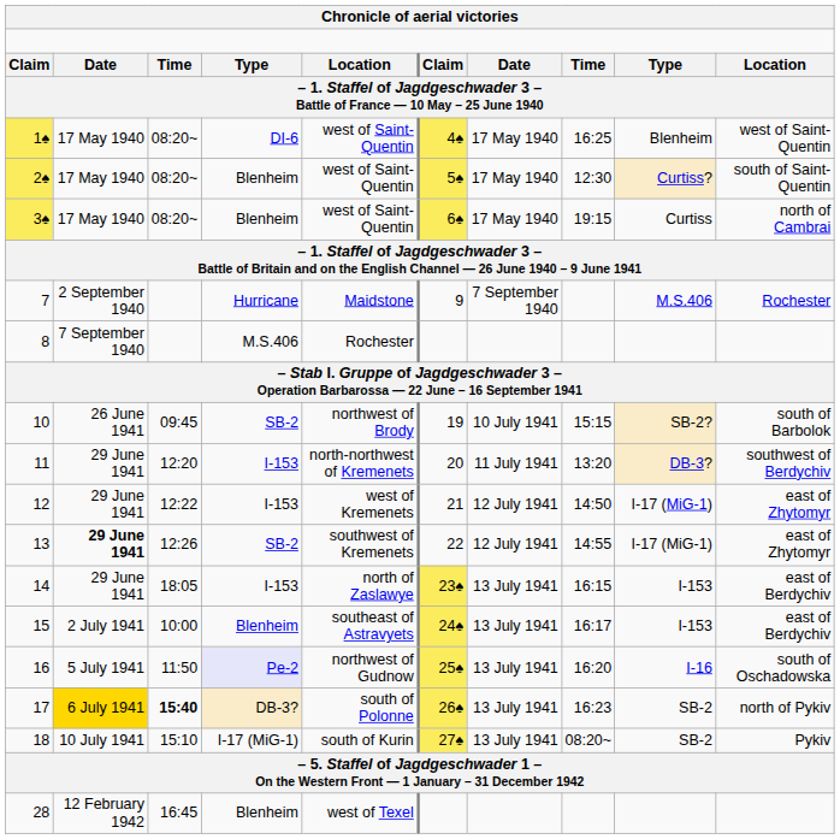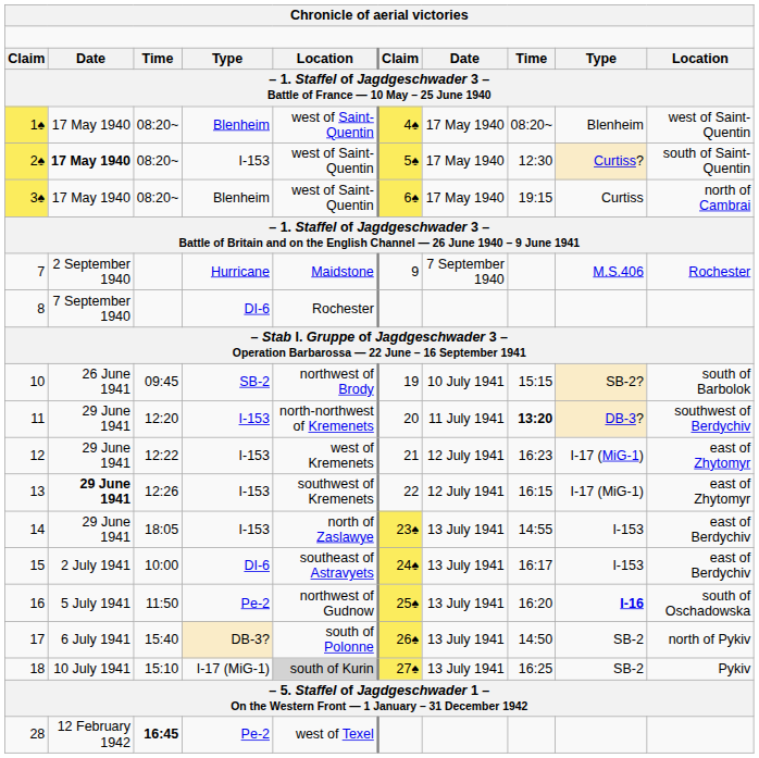 <table class="wikitable plainrowheaders collapsible" style="margin-left: auto; margin-right: auto; border: none; text-align:right; width: 100%;">
 <tr>
 <th colspan="10">Chronicle of aerial victories</th>
 </tr>
 <tr>
 <td colspan="10" style="text-align: left;"><br> </td>
 </tr>
 <tr>
 <th scope="col">Claim</th>
 <th scope="col">Date</th>
 <th scope="col">Time</th>
 <th scope="col" width="100px">Type</th>
 <th scope="col">Location</th>
 <th scope="col" style="border-left: 3px solid grey;">Claim</th>
 <th scope="col">Date</th>
 <th scope="col">Time</th>
 <th scope="col" width="100px">Type</th>
 <th scope="col">Location</th>
 </tr>
 <tr>
 <th colspan="10">– 1. <em>Staffel</em> of <em>Jagdgeschwader</em> 3 –<br><small>Battle of France — 10 May – 25 June 1940</small></th>
 </tr>
 <tr>
 <td style="background:#fbec5d;">1♠</td>
 <td>17 May 1940</td>
 <td>08:20~</td>
-<td><a href='#'>DI-6</a></td>
+<td><a href='#'>Blenheim</a></td>
 <td>west of <a href='#'>Saint-Quentin</a></td>
 <td style="border-left: 3px solid grey; background:#fbec5d;">4♠</td>
 <td>17 May 1940</td>
-<td>16:25</td>
+<td>08:20~</td>
 <td>Blenheim</td>
 <td>west of Saint-Quentin</td>
 </tr>
 <tr>
 <td style="background:#fbec5d;">2♠</td>
-<td>17 May 1940</td>
+<td><strong>17 May 1940</strong></td>
 <td>08:20~</td>
-<td>Blenheim</td>
+<td>I-153</td>
 <td>west of Saint-Quentin</td>
 <td style="border-left: 3px solid grey; background:#fbec5d;">5♠</td>
 <td>17 May 1940</td>
 <td>12:30</td>
 <td style="background:#faecc8"><a href='#'>Curtiss</a>?</td>
 <td>south of Saint-Quentin</td>
 </tr>
 <tr>
 <td style="background:#fbec5d;">3♠</td>
 <td>17 May 1940</td>
 <td>08:20~</td>
 <td>Blenheim</td>
 <td>west of Saint-Quentin</td>
 <td style="border-left: 3px solid grey; background:#fbec5d;">6♠</td>
 <td>17 May 1940</td>
 <td>19:15</td>
 <td>Curtiss</td>
 <td>north of <a href='#'>Cambrai</a></td>
 </tr>
 <tr>
 <th colspan="10">– 1. <em>Staffel</em> of <em>Jagdgeschwader</em> 3 –<br><small>Battle of Britain and on the English Channel — 26 June 1940 – 9 June 1941</small></th>
 </tr>
 <tr>
 <td>7</td>
 <td>2 September 1940</td>
 <td></td>
 <td><a href='#'>Hurricane</a></td>
 <td><a href='#'>Maidstone</a></td>
 <td style="border-left: 3px solid grey;">9</td>
 <td>7 September 1940</td>
 <td></td>
 <td><a href='#'>M.S.406</a></td>
 <td><a href='#'>Rochester</a></td>
 </tr>
 <tr>
 <td>8</td>
 <td>7 September 1940</td>
 <td></td>
-<td>M.S.406</td>
+<td><a href='#'>DI-6</a></td>
 <td>Rochester</td>
 <td style="border-left: 3px solid grey;"></td>
 <td></td>
 <td></td>
 <td></td>
 <td></td>
 </tr>
 <tr>
 <th colspan="10">– <em>Stab</em> I. <em>Gruppe</em> of <em>Jagdgeschwader</em> 3 –<br><small>Operation Barbarossa — 22 June – 16 September 1941</small></th>
 </tr>
 <tr>
 <td>10</td>
 <td>26 June 1941</td>
 <td>09:45</td>
 <td><a href='#'>SB-2</a></td>
 <td>northwest of <a href='#'>Brody</a></td>
 <td style="border-left: 3px solid grey;">19</td>
 <td>10 July 1941</td>
 <td>15:15</td>
 <td style="background:#faecc8">SB-2?</td>
 <td> south of Barbolok</td>
 </tr>
 <tr>
 <td>11</td>
 <td>29 June 1941</td>
 <td>12:20</td>
 <td><a href='#'>I-153</a></td>
 <td>north-northwest of <a href='#'>Kremenets</a></td>
 <td style="border-left: 3px solid grey;">20</td>
 <td>11 July 1941</td>
-<td>13:20</td>
+<td><strong>13:20</strong></td>
 <td style="background:#faecc8"><a href='#'>DB-3</a>?</td>
 <td> southwest of <a href='#'>Berdychiv</a></td>
 </tr>
 <tr>
 <td>12</td>
 <td>29 June 1941</td>
 <td>12:22</td>
 <td>I-153</td>
 <td>west of Kremenets</td>
 <td style="border-left: 3px solid grey;">21</td>
 <td>12 July 1941</td>
-<td>14:50</td>
+<td>16:23</td>
 <td>I-17 (<a href='#'>MiG-1</a>)</td>
 <td> east of <a href='#'>Zhytomyr</a></td>
 </tr>
 <tr>
 <td>13</td>
 <td><strong>29 June 1941</strong></td>
 <td>12:26</td>
-<td><a href='#'>SB-2</a></td>
+<td>I-153</td>
 <td>southwest of Kremenets</td>
 <td style="border-left: 3px solid grey;">22</td>
 <td>12 July 1941</td>
-<td>14:55</td>
+<td>16:15</td>
 <td>I-17 (MiG-1)</td>
 <td> east of Zhytomyr</td>
 </tr>
 <tr>
 <td>14</td>
 <td>29 June 1941</td>
 <td>18:05</td>
 <td>I-153</td>
 <td> north of <a href='#'>Zaslawye</a></td>
 <td style="border-left: 3px solid grey; background:#fbec5d;">23♠</td>
 <td>13 July 1941</td>
-<td>16:15</td>
+<td>14:55</td>
 <td>I-153</td>
 <td> east of Berdychiv</td>
 </tr>
 <tr>
 <td>15</td>
 <td>2 July 1941</td>
 <td>10:00</td>
-<td><a href='#'>Blenheim</a></td>
+<td><a href='#'>DI-6</a></td>
 <td> southeast of <a href='#'>Astravyets</a></td>
 <td style="border-left: 3px solid grey; background:#fbec5d;">24♠</td>
 <td>13 July 1941</td>
 <td>16:17</td>
 <td>I-153</td>
 <td>east of Berdychiv</td>
 </tr>
 <tr>
 <td>16</td>
 <td>5 July 1941</td>
 <td>11:50</td>
-<td style="background: lavender;"><a href='#'>Pe-2</a></td>
+<td><a href='#'>Pe-2</a></td>
 <td>northwest of Gudnow</td>
 <td style="border-left: 3px solid grey; background:#fbec5d;">25♠</td>
 <td>13 July 1941</td>
 <td>16:20</td>
-<td><a href='#'>I-16</a></td>
+<td><strong><a href='#'>I-16</a></strong></td>
 <td>south of Oschadowska</td>
 </tr>
 <tr>
 <td>17</td>
-<td style="background: gold;">6 July 1941</td>
-<td><strong>15:40</strong></td>
+<td>6 July 1941</td>
+<td>15:40</td>
 <td style="background:#faecc8">DB-3?</td>
 <td>south of <a href='#'>Polonne</a></td>
 <td style="border-left: 3px solid grey; background:#fbec5d;">26♠</td>
 <td>13 July 1941</td>
-<td>16:23</td>
+<td>14:50</td>
 <td>SB-2</td>
 <td>north of Pykiv</td>
 </tr>
 <tr>
 <td>18</td>
 <td>10 July 1941</td>
 <td>15:10</td>
 <td>I-17 (MiG-1)</td>
-<td> south of Kurin</td>
+<td style="background: lightgrey;"> south of Kurin</td>
 <td style="border-left: 3px solid grey; background:#fbec5d;">27♠</td>
 <td>13 July 1941</td>
-<td>08:20~</td>
+<td>16:25</td>
 <td>SB-2</td>
 <td>Pykiv</td>
 </tr>
 <tr>
 <th colspan="10">– 5. <em>Staffel</em> of <em>Jagdgeschwader</em> 1 –<br><small>On the Western Front — 1 January – 31 December 1942</small></th>
 </tr>
 <tr>
 <td>28</td>
 <td>12 February 1942</td>
-<td>16:45</td>
-<td>Blenheim</td>
+<td><strong>16:45</strong></td>
+<td><a href='#'>Pe-2</a></td>
 <td> west of <a href='#'>Texel</a></td>
 <td style="border-left: 3px solid grey;"></td>
 <td></td>
 <td></td>
 <td></td>
 <td></td>
 </tr>
 </table>
